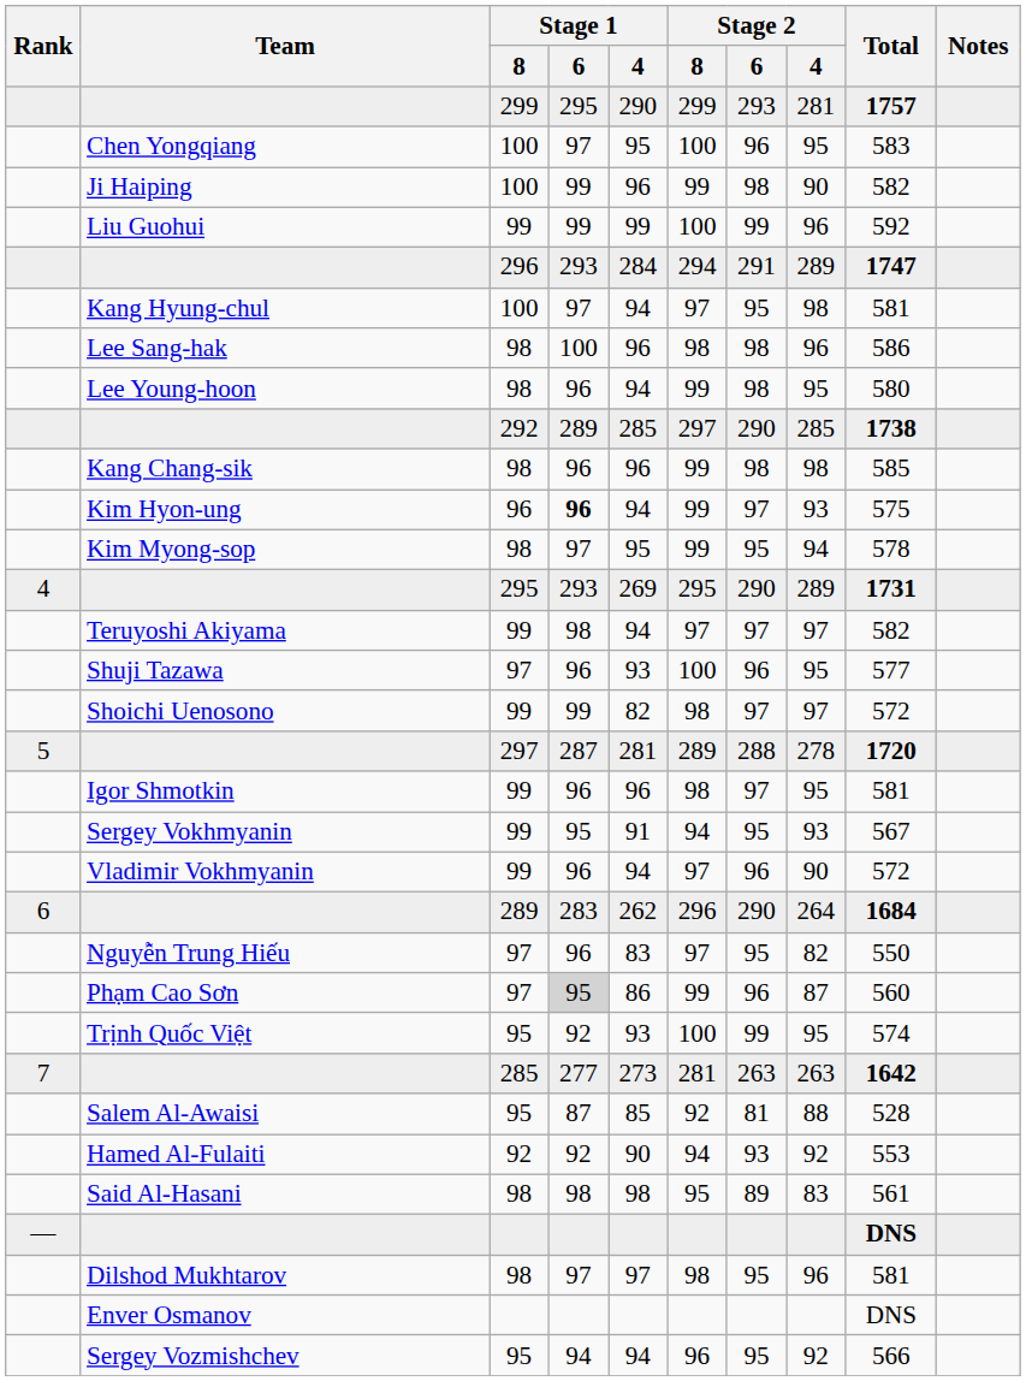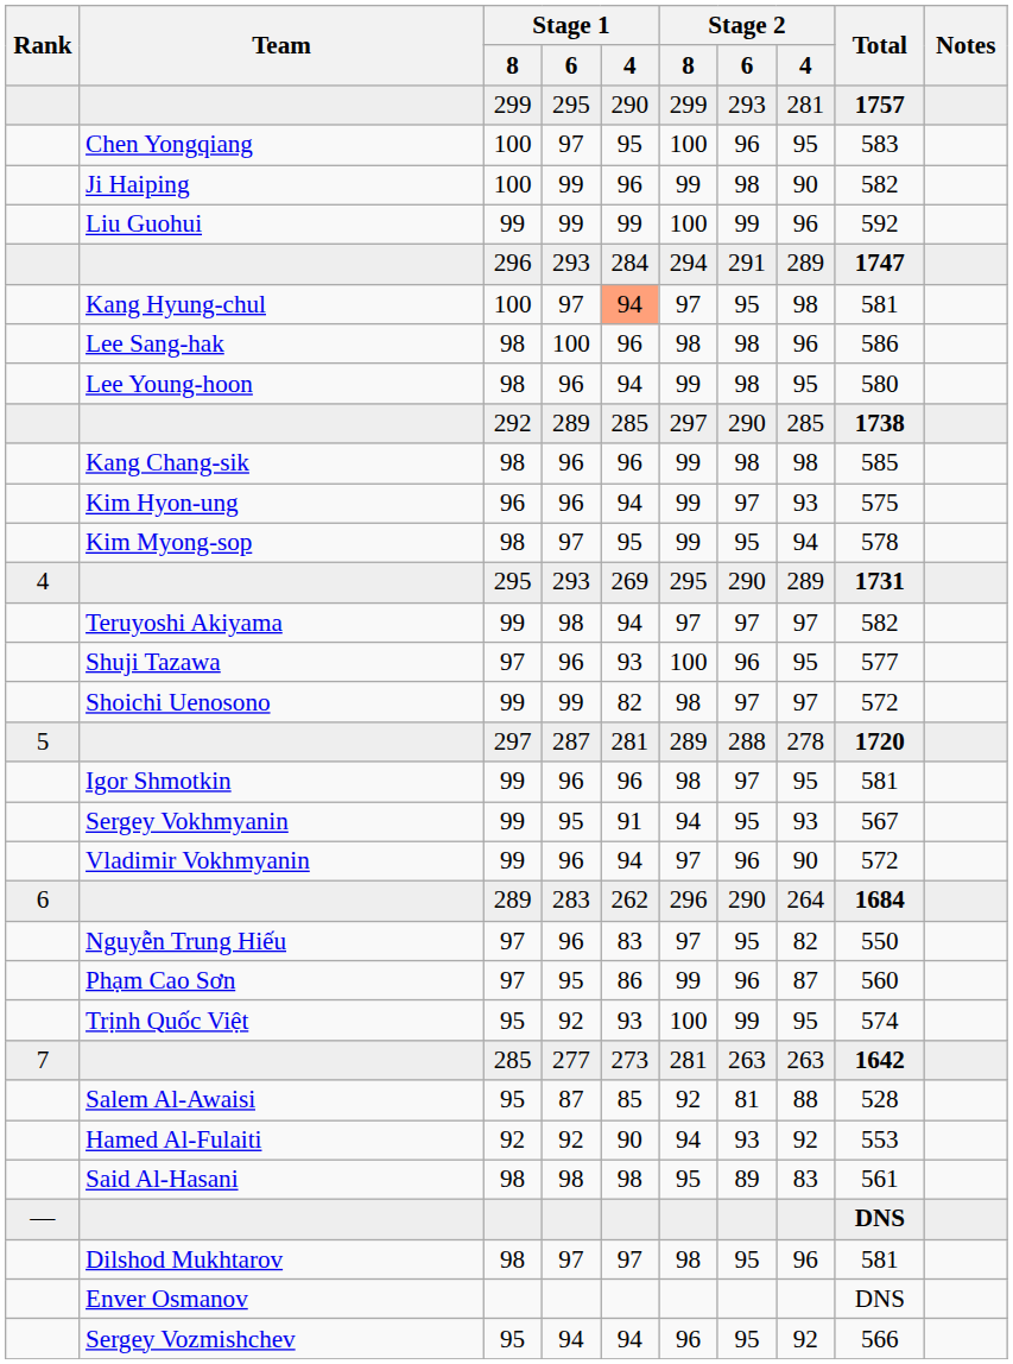 <table class="wikitable" style="text-align:center">
 <tr>
 <th rowspan=2 width=40>Rank</th>
 <th rowspan=2 width=250>Team</th>
 <th colspan=3>Stage 1</th>
 <th colspan=3>Stage 2</th>
 <th rowspan=2 width=50>Total</th>
 <th rowspan=2 width=45>Notes</th>
 </tr>
 <tr>
 <th width=30>8</th>
 <th width=30>6</th>
 <th width=30>4</th>
 <th width=30>8</th>
 <th width=30>6</th>
 <th width=30>4</th>
 </tr>
 <tr bgcolor=eeeeee>
 <td></td>
 <td align=left></td>
 <td>299</td>
 <td>295</td>
 <td>290</td>
 <td>299</td>
 <td>293</td>
 <td>281</td>
 <td><strong>1757</strong></td>
 <td></td>
 </tr>
 <tr>
 <td></td>
 <td align=left><a href='#'>Chen Yongqiang</a></td>
 <td>100</td>
 <td>97</td>
 <td>95</td>
 <td>100</td>
 <td>96</td>
 <td>95</td>
 <td>583</td>
 <td></td>
 </tr>
 <tr>
 <td></td>
 <td align=left><a href='#'>Ji Haiping</a></td>
 <td>100</td>
 <td>99</td>
 <td>96</td>
 <td>99</td>
 <td>98</td>
 <td>90</td>
 <td>582</td>
 <td></td>
 </tr>
 <tr>
 <td></td>
 <td align=left><a href='#'>Liu Guohui</a></td>
 <td>99</td>
 <td>99</td>
 <td>99</td>
 <td>100</td>
 <td>99</td>
 <td>96</td>
 <td>592</td>
 <td></td>
 </tr>
 <tr bgcolor=eeeeee>
 <td></td>
 <td align=left></td>
 <td>296</td>
 <td>293</td>
 <td>284</td>
 <td>294</td>
 <td>291</td>
 <td>289</td>
 <td><strong>1747</strong></td>
 <td></td>
 </tr>
 <tr>
 <td></td>
 <td align=left><a href='#'>Kang Hyung-chul</a></td>
 <td>100</td>
 <td>97</td>
-<td>94</td>
+<td style="background: lightsalmon;">94</td>
 <td>97</td>
 <td>95</td>
 <td>98</td>
 <td>581</td>
 <td></td>
 </tr>
 <tr>
 <td></td>
 <td align=left><a href='#'>Lee Sang-hak</a></td>
 <td>98</td>
 <td>100</td>
 <td>96</td>
 <td>98</td>
 <td>98</td>
 <td>96</td>
 <td>586</td>
 <td></td>
 </tr>
 <tr>
 <td></td>
 <td align=left><a href='#'>Lee Young-hoon</a></td>
 <td>98</td>
 <td>96</td>
 <td>94</td>
 <td>99</td>
 <td>98</td>
 <td>95</td>
 <td>580</td>
 <td></td>
 </tr>
 <tr bgcolor=eeeeee>
 <td></td>
 <td align=left></td>
 <td>292</td>
 <td>289</td>
 <td>285</td>
 <td>297</td>
 <td>290</td>
 <td>285</td>
 <td><strong>1738</strong></td>
 <td></td>
 </tr>
 <tr>
 <td></td>
 <td align=left><a href='#'>Kang Chang-sik</a></td>
 <td>98</td>
 <td>96</td>
 <td>96</td>
 <td>99</td>
 <td>98</td>
 <td>98</td>
 <td>585</td>
 <td></td>
 </tr>
 <tr>
 <td></td>
 <td align=left><a href='#'>Kim Hyon-ung</a></td>
 <td>96</td>
-<td><strong>96</strong></td>
+<td>96</td>
 <td>94</td>
 <td>99</td>
 <td>97</td>
 <td>93</td>
 <td>575</td>
 <td></td>
 </tr>
 <tr>
 <td></td>
 <td align=left><a href='#'>Kim Myong-sop</a></td>
 <td>98</td>
 <td>97</td>
 <td>95</td>
 <td>99</td>
 <td>95</td>
 <td>94</td>
 <td>578</td>
 <td></td>
 </tr>
 <tr bgcolor=eeeeee>
 <td>4</td>
 <td align=left></td>
 <td>295</td>
 <td>293</td>
 <td>269</td>
 <td>295</td>
 <td>290</td>
 <td>289</td>
 <td><strong>1731</strong></td>
 <td></td>
 </tr>
 <tr>
 <td></td>
 <td align=left><a href='#'>Teruyoshi Akiyama</a></td>
 <td>99</td>
 <td>98</td>
 <td>94</td>
 <td>97</td>
 <td>97</td>
 <td>97</td>
 <td>582</td>
 <td></td>
 </tr>
 <tr>
 <td></td>
 <td align=left><a href='#'>Shuji Tazawa</a></td>
 <td>97</td>
 <td>96</td>
 <td>93</td>
 <td>100</td>
 <td>96</td>
 <td>95</td>
 <td>577</td>
 <td></td>
 </tr>
 <tr>
 <td></td>
 <td align=left><a href='#'>Shoichi Uenosono</a></td>
 <td>99</td>
 <td>99</td>
 <td>82</td>
 <td>98</td>
 <td>97</td>
 <td>97</td>
 <td>572</td>
 <td></td>
 </tr>
 <tr bgcolor=eeeeee>
 <td>5</td>
 <td align=left></td>
 <td>297</td>
 <td>287</td>
 <td>281</td>
 <td>289</td>
 <td>288</td>
 <td>278</td>
 <td><strong>1720</strong></td>
 <td></td>
 </tr>
 <tr>
 <td></td>
 <td align=left><a href='#'>Igor Shmotkin</a></td>
 <td>99</td>
 <td>96</td>
 <td>96</td>
 <td>98</td>
 <td>97</td>
 <td>95</td>
 <td>581</td>
 <td></td>
 </tr>
 <tr>
 <td></td>
 <td align=left><a href='#'>Sergey Vokhmyanin</a></td>
 <td>99</td>
 <td>95</td>
 <td>91</td>
 <td>94</td>
 <td>95</td>
 <td>93</td>
 <td>567</td>
 <td></td>
 </tr>
 <tr>
 <td></td>
 <td align=left><a href='#'>Vladimir Vokhmyanin</a></td>
 <td>99</td>
 <td>96</td>
 <td>94</td>
 <td>97</td>
 <td>96</td>
 <td>90</td>
 <td>572</td>
 <td></td>
 </tr>
 <tr bgcolor=eeeeee>
 <td>6</td>
 <td align=left></td>
 <td>289</td>
 <td>283</td>
 <td>262</td>
 <td>296</td>
 <td>290</td>
 <td>264</td>
 <td><strong>1684</strong></td>
 <td></td>
 </tr>
 <tr>
 <td></td>
 <td align=left><a href='#'>Nguyễn Trung Hiếu</a></td>
 <td>97</td>
 <td>96</td>
 <td>83</td>
 <td>97</td>
 <td>95</td>
 <td>82</td>
 <td>550</td>
 <td></td>
 </tr>
 <tr>
 <td></td>
 <td align=left><a href='#'>Phạm Cao Sơn</a></td>
 <td>97</td>
-<td style="background: lightgrey;">95</td>
+<td>95</td>
 <td>86</td>
 <td>99</td>
 <td>96</td>
 <td>87</td>
 <td>560</td>
 <td></td>
 </tr>
 <tr>
 <td></td>
 <td align=left><a href='#'>Trịnh Quốc Việt</a></td>
 <td>95</td>
 <td>92</td>
 <td>93</td>
 <td>100</td>
 <td>99</td>
 <td>95</td>
 <td>574</td>
 <td></td>
 </tr>
 <tr bgcolor=eeeeee>
 <td>7</td>
 <td align=left></td>
 <td>285</td>
 <td>277</td>
 <td>273</td>
 <td>281</td>
 <td>263</td>
 <td>263</td>
 <td><strong>1642</strong></td>
 <td></td>
 </tr>
 <tr>
 <td></td>
 <td align=left><a href='#'>Salem Al-Awaisi</a></td>
 <td>95</td>
 <td>87</td>
 <td>85</td>
 <td>92</td>
 <td>81</td>
 <td>88</td>
 <td>528</td>
 <td></td>
 </tr>
 <tr>
 <td></td>
 <td align=left><a href='#'>Hamed Al-Fulaiti</a></td>
 <td>92</td>
 <td>92</td>
 <td>90</td>
 <td>94</td>
 <td>93</td>
 <td>92</td>
 <td>553</td>
 <td></td>
 </tr>
 <tr>
 <td></td>
 <td align=left><a href='#'>Said Al-Hasani</a></td>
 <td>98</td>
 <td>98</td>
 <td>98</td>
 <td>95</td>
 <td>89</td>
 <td>83</td>
 <td>561</td>
 <td></td>
 </tr>
 <tr bgcolor=eeeeee>
 <td>—</td>
 <td align=left></td>
 <td></td>
 <td></td>
 <td></td>
 <td></td>
 <td></td>
 <td></td>
 <td><strong>DNS</strong></td>
 <td></td>
 </tr>
 <tr>
 <td></td>
 <td align=left><a href='#'>Dilshod Mukhtarov</a></td>
 <td>98</td>
 <td>97</td>
 <td>97</td>
 <td>98</td>
 <td>95</td>
 <td>96</td>
 <td>581</td>
 <td></td>
 </tr>
 <tr>
 <td></td>
 <td align=left><a href='#'>Enver Osmanov</a></td>
 <td></td>
 <td></td>
 <td></td>
 <td></td>
 <td></td>
 <td></td>
 <td>DNS</td>
 <td></td>
 </tr>
 <tr>
 <td></td>
 <td align=left><a href='#'>Sergey Vozmishchev</a></td>
 <td>95</td>
 <td>94</td>
 <td>94</td>
 <td>96</td>
 <td>95</td>
 <td>92</td>
 <td>566</td>
 <td></td>
 </tr>
 </table>
